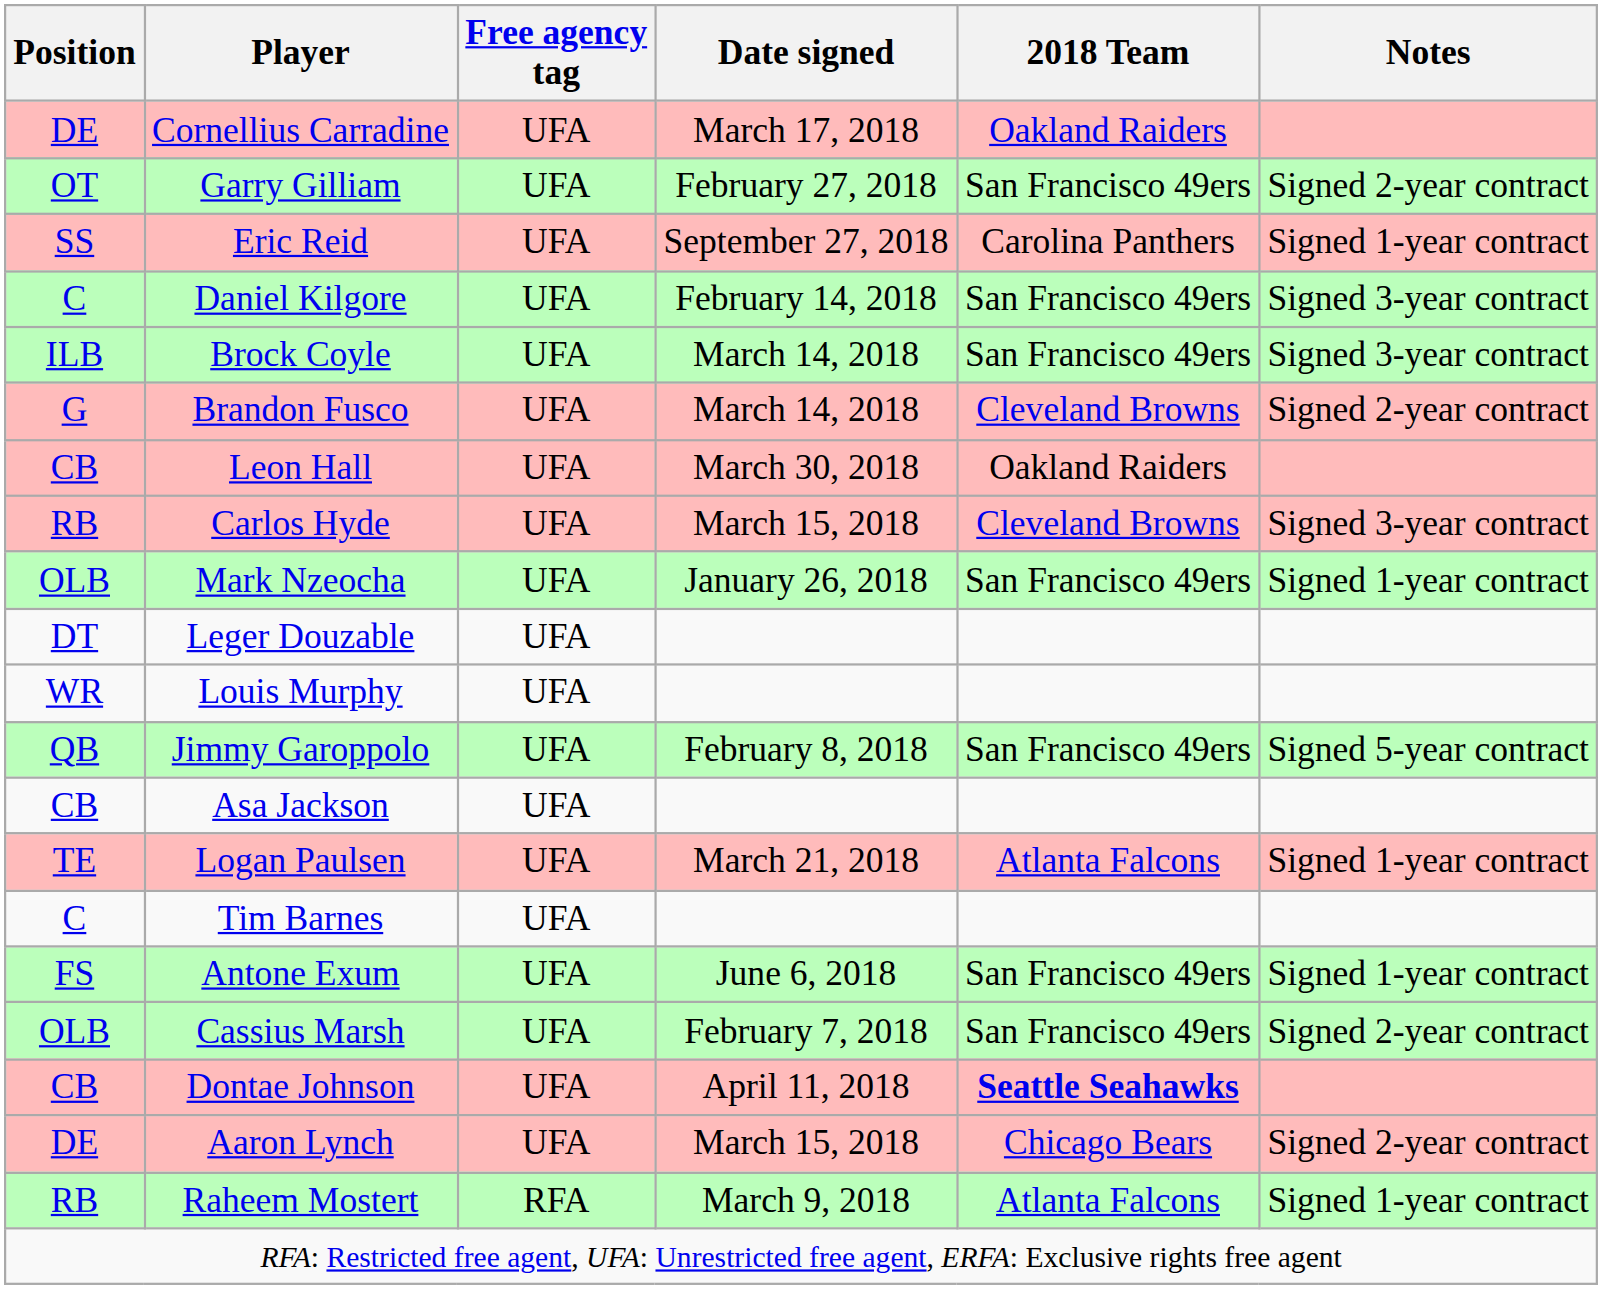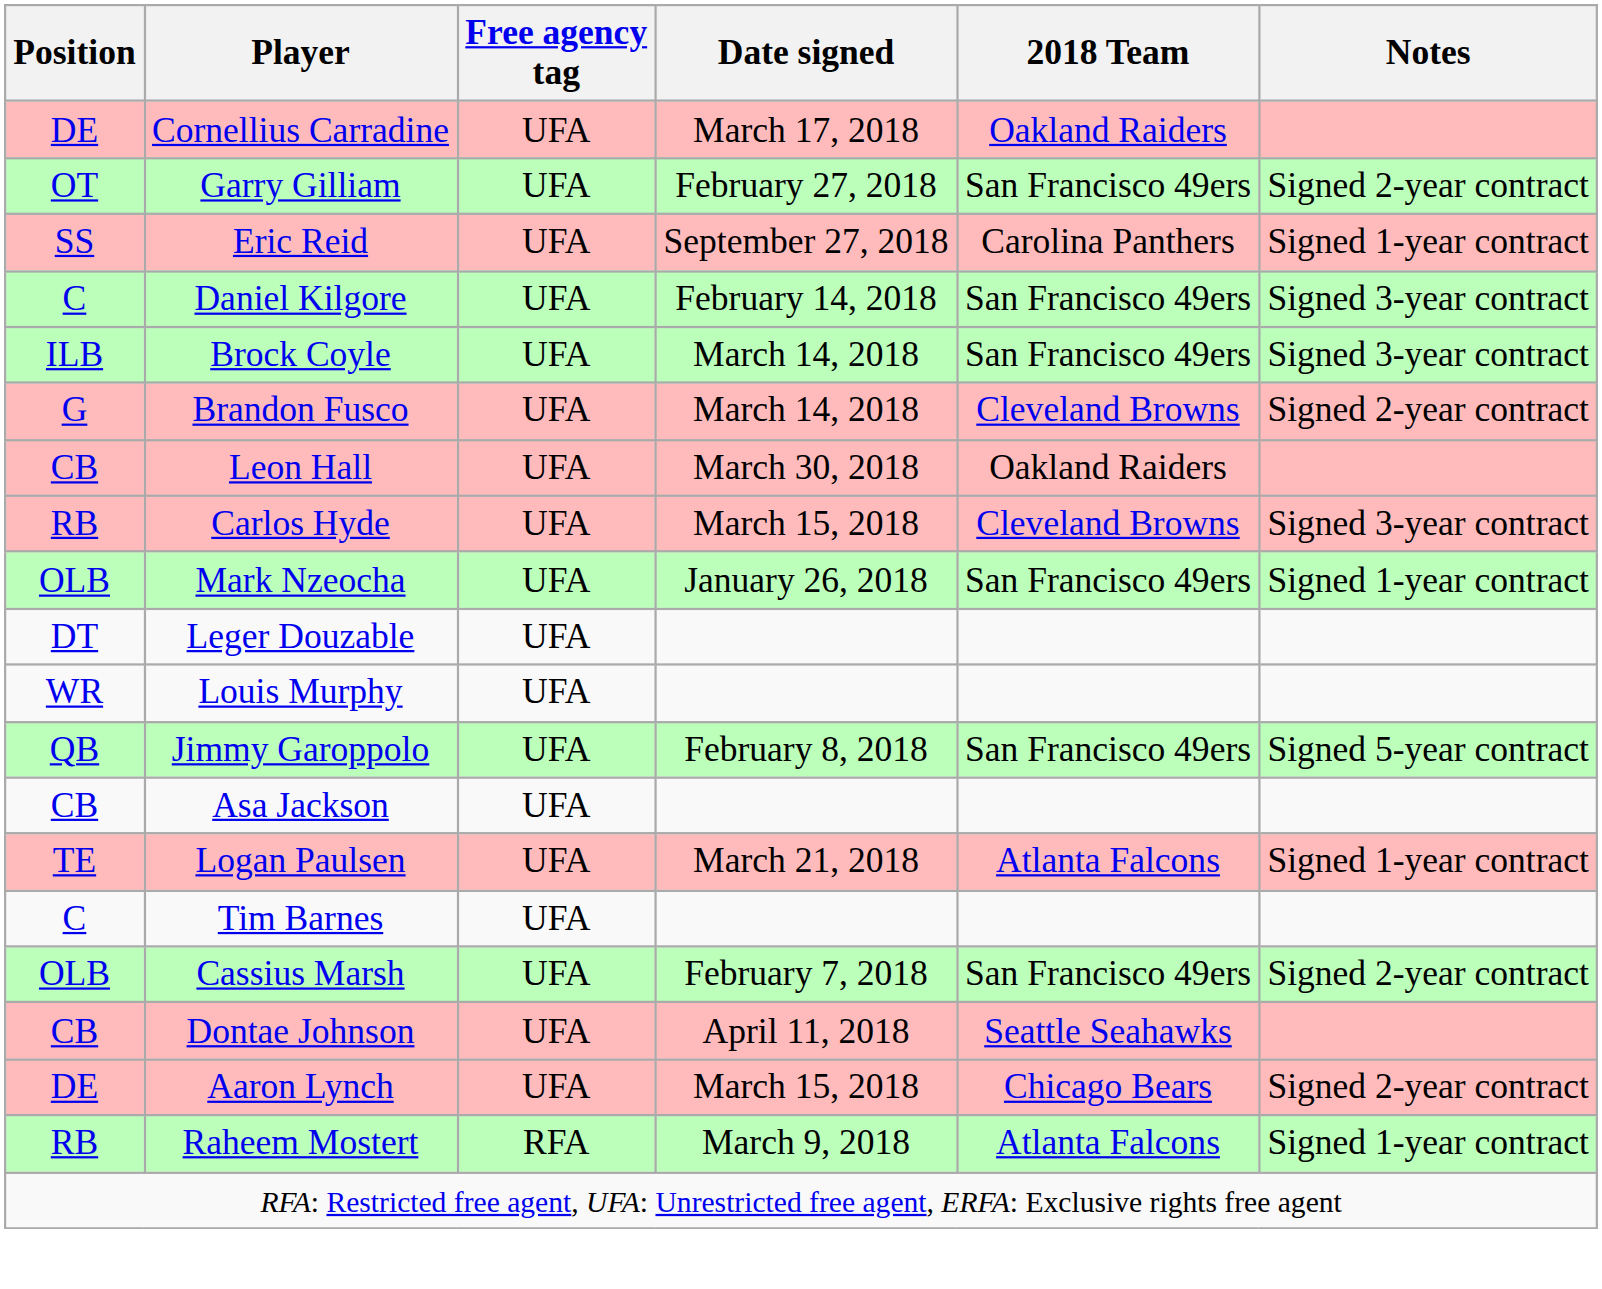 <table class="sortable wikitable" style="text-align:center">
 <tr>
 <th>Position</th>
 <th>Player</th>
 <th><a href='#'><span>Free agency</span></a><br>tag</th>
 <th>Date signed</th>
 <th>2018 Team</th>
 <th>Notes</th>
 </tr>
 <tr style="background:#fbb">
 <td><a href='#'>DE</a></td>
 <td><a href='#'>Cornellius Carradine</a></td>
 <td>UFA</td>
 <td>March 17, 2018</td>
 <td><a href='#'>Oakland Raiders</a></td>
 <td></td>
 </tr>
 <tr style="background:#bfb">
 <td><a href='#'>OT</a></td>
 <td><a href='#'>Garry Gilliam</a></td>
 <td>UFA</td>
 <td>February 27, 2018</td>
 <td>San Francisco 49ers</td>
 <td>Signed 2-year contract</td>
 </tr>
 <tr style="background:#fbb">
 <td><a href='#'>SS</a></td>
 <td><a href='#'>Eric Reid</a></td>
 <td>UFA</td>
 <td>September 27, 2018</td>
 <td>Carolina Panthers</td>
 <td>Signed 1-year contract</td>
 </tr>
 <tr style="background:#bfb">
 <td><a href='#'>C</a></td>
 <td><a href='#'>Daniel Kilgore</a></td>
 <td>UFA</td>
 <td>February 14, 2018</td>
 <td>San Francisco 49ers</td>
 <td>Signed 3-year contract</td>
 </tr>
 <tr style="background:#bfb">
 <td><a href='#'>ILB</a></td>
 <td><a href='#'>Brock Coyle</a></td>
 <td>UFA</td>
 <td>March 14, 2018</td>
 <td>San Francisco 49ers</td>
 <td>Signed 3-year contract</td>
 </tr>
 <tr style="background:#fbb">
 <td><a href='#'>G</a></td>
 <td><a href='#'>Brandon Fusco</a></td>
 <td>UFA</td>
 <td>March 14, 2018</td>
 <td><a href='#'>Cleveland Browns</a></td>
 <td>Signed 2-year contract</td>
 </tr>
 <tr style="background:#fbb">
 <td><a href='#'>CB</a></td>
 <td><a href='#'>Leon Hall</a></td>
 <td>UFA</td>
 <td>March 30, 2018</td>
 <td>Oakland Raiders</td>
 <td></td>
 </tr>
 <tr style="background:#fbb">
 <td><a href='#'>RB</a></td>
 <td><a href='#'>Carlos Hyde</a></td>
 <td>UFA</td>
 <td>March 15, 2018</td>
 <td><a href='#'>Cleveland Browns</a></td>
 <td>Signed 3-year contract</td>
 </tr>
 <tr style="background:#bfb">
 <td><a href='#'>OLB</a></td>
 <td><a href='#'>Mark Nzeocha</a></td>
 <td>UFA</td>
 <td>January 26, 2018</td>
 <td>San Francisco 49ers</td>
 <td>Signed 1-year contract</td>
 </tr>
 <tr>
 <td><a href='#'>DT</a></td>
 <td><a href='#'>Leger Douzable</a></td>
 <td>UFA</td>
 <td></td>
 <td></td>
 <td></td>
 </tr>
 <tr>
 <td><a href='#'>WR</a></td>
 <td><a href='#'>Louis Murphy</a></td>
 <td>UFA</td>
 <td></td>
 <td></td>
 <td></td>
 </tr>
 <tr style="background:#bfb">
 <td><a href='#'>QB</a></td>
 <td><a href='#'>Jimmy Garoppolo</a></td>
 <td>UFA</td>
 <td>February 8, 2018</td>
 <td>San Francisco 49ers</td>
 <td>Signed 5-year contract</td>
 </tr>
 <tr>
 <td><a href='#'>CB</a></td>
 <td><a href='#'>Asa Jackson</a></td>
 <td>UFA</td>
 <td></td>
 <td></td>
 <td></td>
 </tr>
 <tr style="background:#fbb">
 <td><a href='#'>TE</a></td>
 <td><a href='#'>Logan Paulsen</a></td>
 <td>UFA</td>
 <td>March 21, 2018</td>
 <td><a href='#'>Atlanta Falcons</a></td>
 <td>Signed 1-year contract</td>
 </tr>
 <tr>
 <td><a href='#'>C</a></td>
 <td><a href='#'>Tim Barnes</a></td>
 <td>UFA</td>
 <td></td>
 <td></td>
 <td></td>
 </tr>
 <tr style="background:#bfb">
-<td><a href='#'>FS</a></td>
-<td><a href='#'>Antone Exum</a></td>
-<td>UFA</td>
-<td>June 6, 2018</td>
-<td>San Francisco 49ers</td>
-<td>Signed 1-year contract</td>
-</tr>
-<tr style="background:#bfb">
 <td><a href='#'>OLB</a></td>
 <td><a href='#'>Cassius Marsh</a></td>
 <td>UFA</td>
 <td>February 7, 2018</td>
 <td>San Francisco 49ers</td>
 <td>Signed 2-year contract</td>
 </tr>
 <tr style="background:#fbb">
 <td><a href='#'>CB</a></td>
 <td><a href='#'>Dontae Johnson</a></td>
 <td>UFA</td>
 <td>April 11, 2018</td>
-<td><strong><a href='#'>Seattle Seahawks</a></strong></td>
+<td><a href='#'>Seattle Seahawks</a></td>
 <td></td>
 </tr>
 <tr style="background:#fbb">
 <td><a href='#'>DE</a></td>
 <td><a href='#'>Aaron Lynch</a></td>
 <td>UFA</td>
 <td>March 15, 2018</td>
 <td><a href='#'>Chicago Bears</a></td>
 <td>Signed 2-year contract</td>
 </tr>
 <tr style="background:#bfb">
 <td><a href='#'>RB</a></td>
 <td><a href='#'>Raheem Mostert</a></td>
 <td>RFA</td>
 <td>March 9, 2018</td>
 <td><a href='#'>Atlanta Falcons</a></td>
 <td>Signed 1-year contract</td>
 </tr>
 <tr>
 <td colspan="6"><small><em>RFA</em>: <a href='#'>Restricted free agent</a>, <em>UFA</em>: <a href='#'>Unrestricted free agent</a>, <em>ERFA</em>: Exclusive rights free agent</small><br></td>
 </tr>
 </table>
